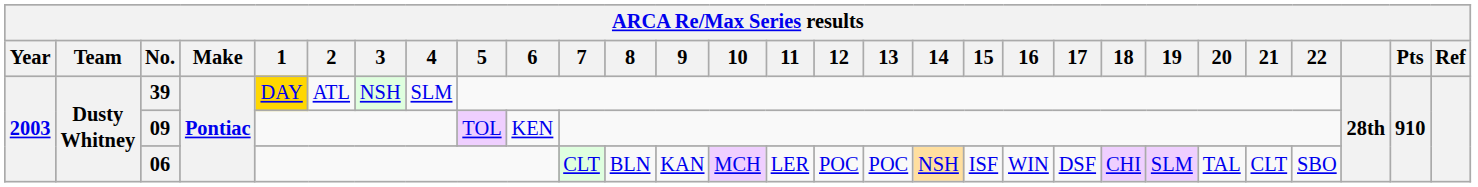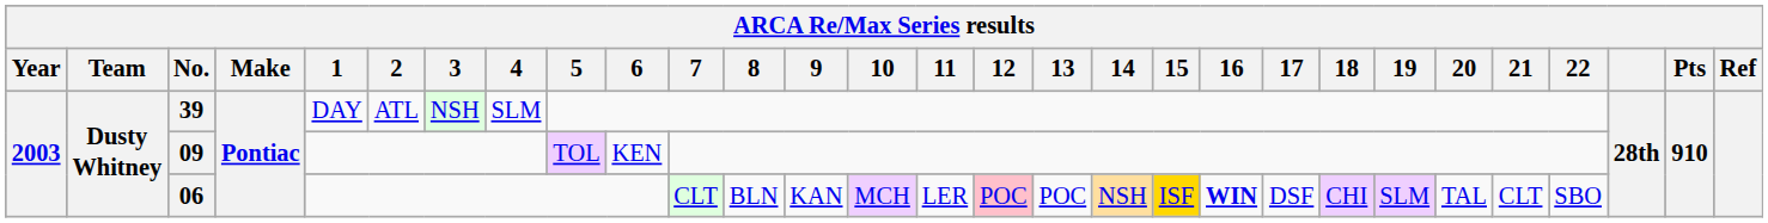 <table class="wikitable" style="text-align:center; font-size:75%">
 <tr>
 <th colspan="34"><a href='#'>ARCA Re/Max Series</a> results</th>
 </tr>
 <tr>
 <th>Year</th>
 <th>Team</th>
 <th>No.</th>
 <th>Make</th>
 <th>1</th>
 <th>2</th>
 <th>3</th>
 <th>4</th>
 <th>5</th>
 <th>6</th>
 <th>7</th>
 <th>8</th>
 <th>9</th>
 <th>10</th>
 <th>11</th>
 <th>12</th>
 <th>13</th>
 <th>14</th>
 <th>15</th>
 <th>16</th>
 <th>17</th>
 <th>18</th>
 <th>19</th>
 <th>20</th>
 <th>21</th>
 <th>22</th>
 <th></th>
 <th>Pts</th>
 <th>Ref</th>
 </tr>
 <tr>
 <th rowspan=3><a href='#'>2003</a></th>
 <th rowspan=3>Dusty Whitney</th>
 <th>39</th>
 <th rowspan=3><a href='#'>Pontiac</a></th>
-<td style="background: gold;"><a href='#'>DAY</a></td>
+<td><a href='#'>DAY</a></td>
 <td><a href='#'>ATL</a></td>
 <td style="background:#DFFFDF;"><a href='#'>NSH</a><br></td>
 <td><a href='#'>SLM</a></td>
 <td colspan=18></td>
 <th rowspan=3>28th</th>
 <th rowspan=3>910</th>
 <th rowspan=3></th>
 </tr>
 <tr>
 <th>09</th>
 <td colspan=4></td>
 <td style="background:#EFCFFF;"><a href='#'>TOL</a><br></td>
 <td><a href='#'>KEN</a></td>
 <td colspan=19></td>
 </tr>
 <tr>
 <th>06</th>
 <td colspan=6></td>
 <td style="background:#DFFFDF;"><a href='#'>CLT</a><br></td>
 <td><a href='#'>BLN</a></td>
 <td><a href='#'>KAN</a></td>
 <td style="background:#EFCFFF;"><a href='#'>MCH</a><br></td>
 <td><a href='#'>LER</a></td>
-<td><a href='#'>POC</a></td>
+<td style="background: pink;"><a href='#'>POC</a></td>
 <td><a href='#'>POC</a></td>
 <td style="background:#FFDF9F;"><a href='#'>NSH</a><br></td>
-<td><a href='#'>ISF</a></td>
-<td><a href='#'>WIN</a></td>
+<td style="background: gold;"><a href='#'>ISF</a></td>
+<td><strong><a href='#'>WIN</a></strong></td>
 <td><a href='#'>DSF</a></td>
 <td style="background:#EFCFFF;"><a href='#'>CHI</a><br></td>
 <td style="background:#EFCFFF;"><a href='#'>SLM</a><br></td>
 <td><a href='#'>TAL</a></td>
 <td><a href='#'>CLT</a></td>
 <td><a href='#'>SBO</a></td>
 </tr>
 </table>
